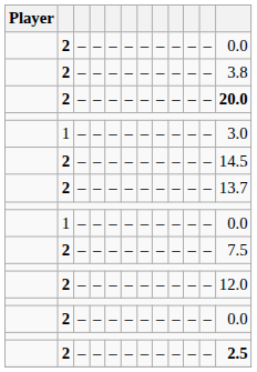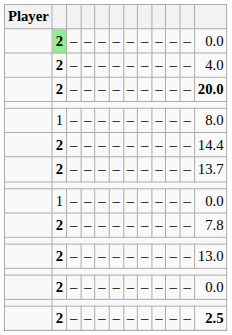 <table class="wikitable sortable" style="font-size:95%; text-align:right;">
 <tr>
 <th>Player</th>
 <th></th>
 <th></th>
 <th></th>
 <th></th>
 <th></th>
 <th></th>
 <th></th>
 <th></th>
 <th></th>
 <th></th>
 <th></th>
 </tr>
 <tr>
 <td><strong></strong></td>
-<td><strong>2</strong></td>
+<td style="background: lightgreen;"><strong>2</strong></td>
 <td>–</td>
 <td>–</td>
 <td>–</td>
 <td>–</td>
 <td>–</td>
 <td>–</td>
 <td>–</td>
 <td>–</td>
 <td>–</td>
 <td>0.0</td>
 </tr>
 <tr>
 <td><strong></strong></td>
 <td><strong>2</strong></td>
 <td>–</td>
 <td>–</td>
 <td>–</td>
 <td>–</td>
 <td>–</td>
 <td>–</td>
 <td>–</td>
 <td>–</td>
 <td>–</td>
-<td>3.8</td>
+<td>4.0</td>
 </tr>
 <tr>
 <td><strong></strong></td>
 <td><strong>2</strong></td>
 <td>–</td>
 <td>–</td>
 <td>–</td>
 <td>–</td>
 <td>–</td>
 <td>–</td>
 <td>–</td>
 <td>–</td>
 <td>–</td>
 <td><strong>20.0</strong></td>
 </tr>
 <tr>
 <td><strong></strong></td>
 <td colspan=12></td>
 </tr>
 <tr>
 <td><strong></strong></td>
 <td>1</td>
 <td>–</td>
 <td>–</td>
 <td>–</td>
 <td>–</td>
 <td>–</td>
 <td>–</td>
 <td>–</td>
 <td>–</td>
 <td>–</td>
-<td>3.0</td>
+<td>8.0</td>
 </tr>
 <tr>
 <td><strong></strong></td>
 <td><strong>2</strong></td>
 <td>–</td>
 <td>–</td>
 <td>–</td>
 <td>–</td>
 <td>–</td>
 <td>–</td>
 <td>–</td>
 <td>–</td>
 <td>–</td>
-<td>14.5</td>
+<td>14.4</td>
 </tr>
 <tr>
 <td><strong></strong></td>
 <td><strong>2</strong></td>
 <td>–</td>
 <td>–</td>
 <td>–</td>
 <td>–</td>
 <td>–</td>
 <td>–</td>
 <td>–</td>
 <td>–</td>
 <td>–</td>
 <td>13.7</td>
 </tr>
 <tr>
 <td><strong></strong></td>
 <td colspan=12></td>
 </tr>
 <tr>
 <td><strong></strong></td>
 <td>1</td>
 <td>–</td>
 <td>–</td>
 <td>–</td>
 <td>–</td>
 <td>–</td>
 <td>–</td>
 <td>–</td>
 <td>–</td>
 <td>–</td>
 <td>0.0</td>
 </tr>
 <tr>
 <td><strong></strong></td>
 <td><strong>2</strong></td>
 <td>–</td>
 <td>–</td>
 <td>–</td>
 <td>–</td>
 <td>–</td>
 <td>–</td>
 <td>–</td>
 <td>–</td>
 <td>–</td>
-<td>7.5</td>
+<td>7.8</td>
 </tr>
 <tr>
 <td><strong></strong></td>
 <td colspan=12></td>
 </tr>
 <tr>
 <td><strong></strong></td>
 <td><strong>2</strong></td>
 <td>–</td>
 <td>–</td>
 <td>–</td>
 <td>–</td>
 <td>–</td>
 <td>–</td>
 <td>–</td>
 <td>–</td>
 <td>–</td>
-<td>12.0</td>
+<td>13.0</td>
 </tr>
 <tr>
 <td><strong></strong></td>
 <td colspan=12></td>
 </tr>
 <tr>
 <td><strong></strong></td>
 <td><strong>2</strong></td>
 <td>–</td>
 <td>–</td>
 <td>–</td>
 <td>–</td>
 <td>–</td>
 <td>–</td>
 <td>–</td>
 <td>–</td>
 <td>–</td>
 <td>0.0</td>
 </tr>
 <tr>
 <td><strong></strong></td>
 <td colspan=12></td>
 </tr>
 <tr>
 <td><strong></strong></td>
 <td><strong>2</strong></td>
 <td>–</td>
 <td>–</td>
 <td>–</td>
 <td>–</td>
 <td>–</td>
 <td>–</td>
 <td>–</td>
 <td>–</td>
 <td>–</td>
 <td><strong>2.5</strong></td>
 </tr>
 <tr class="sortbottom">
 </tr>
 </table>
